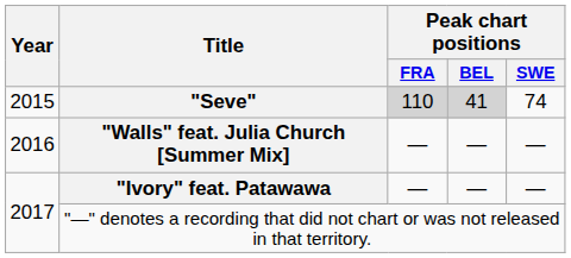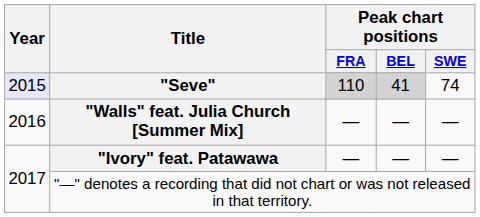 <table class="wikitable plainrowheaders" style="text-align:center;">
 <tr>
 <th scope="col" rowspan="2">Year</th>
 <th scope="col" rowspan="2" style="width:16em;">Title</th>
 <th scope="col" colspan="9">Peak chart positions</th>
 </tr>
 <tr>
 <th scope="col" style="width:3em;font-size:85%;"><a href='#'>FRA</a><br></th>
 <th scope="col" style="width:3em;font-size:85%;"><a href='#'>BEL</a><br></th>
 <th scope="col" style="width:3em;font-size:85%;"><a href='#'>SWE</a><br></th>
 </tr>
 <tr>
-<td>2015</td>
+<td style="background: lavender;">2015</td>
 <th scope="row">"Seve"</th>
 <td style="background: lightgrey;">110</td>
 <td style="background: lightgrey;">41</td>
 <td>74</td>
 </tr>
 <tr>
 <td>2016</td>
 <th scope="row">"Walls" feat. Julia Church [Summer Mix]</th>
 <td>—</td>
 <td>—</td>
 <td>—</td>
 </tr>
 <tr>
 <td rowspan="2">2017</td>
 <th scope="row">"Ivory" feat. Patawawa</th>
 <td>—</td>
 <td>—</td>
 <td>—</td>
 </tr>
 <tr>
 <td colspan="11" style="font-size:90%">"—" denotes a recording that did not chart or was not released in that territory.</td>
 </tr>
 </table>
